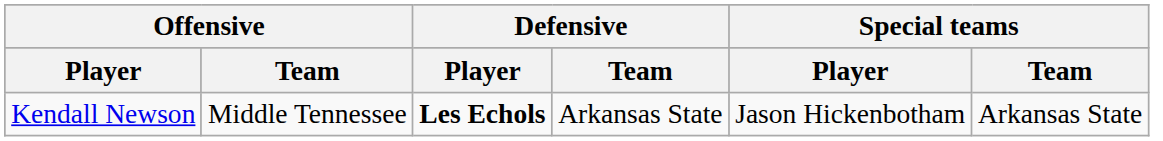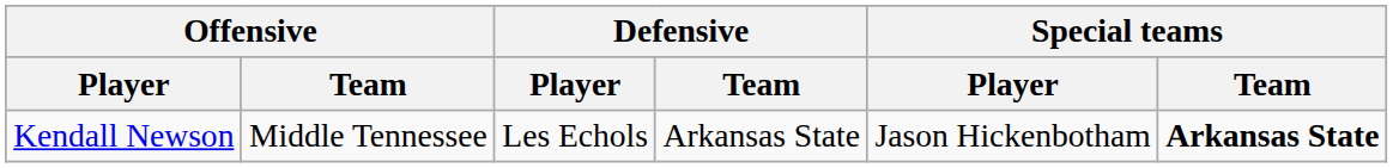 <table class="wikitable">
 <tr>
 <th colspan="2">Offensive</th>
 <th colspan="2">Defensive</th>
 <th colspan="2">Special teams</th>
 </tr>
 <tr>
 <th>Player</th>
 <th>Team</th>
 <th>Player</th>
 <th>Team</th>
 <th>Player</th>
 <th>Team</th>
 </tr>
 <tr>
 <td><a href='#'>Kendall Newson</a></td>
 <td>Middle Tennessee</td>
-<td><strong>Les Echols</strong></td>
+<td>Les Echols</td>
 <td>Arkansas State</td>
 <td>Jason Hickenbotham</td>
-<td>Arkansas State</td>
+<td><strong>Arkansas State</strong></td>
 </tr>
 </table>
